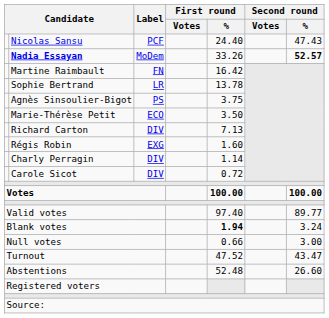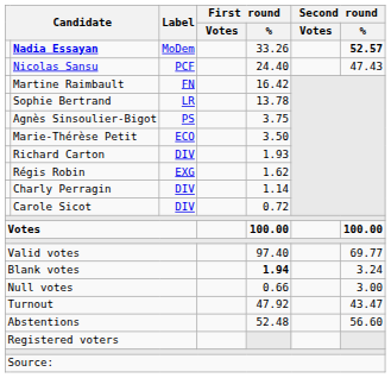 <table class="wikitable" style="text-align:right;font-size:95%;">
 <tr>
 <th rowspan="2" colspan="2">Candidate</th>
 <th rowspan="2">Label</th>
 <th colspan="2">First round</th>
 <th colspan="2">Second round</th>
 </tr>
 <tr>
 <th style="width:50px;">Votes</th>
 <th style="width:45px;">%</th>
 <th style="width:50px;">Votes</th>
 <th style="width:45px;">%</th>
 </tr>
 <tr>
 <td style="color:inherit;background:"></td>
+<td style="text-align:left;"><strong><a href='#'>Nadia Essayan</a></strong></td>
+<td><a href='#'>MoDem</a></td>
+<td></td>
+<td>33.26</td>
+<td><strong></strong></td>
+<td><strong>52.57</strong></td>
+</tr>
+<tr>
+<td style="color:inherit;background:"></td>
 <td style="text-align:left;"><a href='#'>Nicolas Sansu</a></td>
 <td><a href='#'>PCF</a></td>
 <td></td>
 <td>24.40</td>
 <td></td>
 <td>47.43</td>
-</tr>
-<tr>
-<td style="color:inherit;background:"></td>
-<td style="text-align:left;"><strong><a href='#'>Nadia Essayan</a></strong></td>
-<td><a href='#'>MoDem</a></td>
-<td></td>
-<td>33.26</td>
-<td><strong></strong></td>
-<td><strong>52.57</strong></td>
 </tr>
 <tr>
 <td style="color:inherit;background:"></td>
 <td style="text-align:left;">Martine Raimbault</td>
 <td><a href='#'>FN</a></td>
 <td></td>
 <td>16.42</td>
 <td colspan="2" rowspan="8" style="background:#E9E9E9;"></td>
 </tr>
 <tr>
 <td style="color:inherit;background:"></td>
 <td style="text-align:left;">Sophie Bertrand</td>
 <td><a href='#'>LR</a></td>
 <td></td>
 <td>13.78</td>
 </tr>
 <tr>
 <td style="color:inherit;background:"></td>
 <td style="text-align:left;">Agnès Sinsoulier-Bigot</td>
 <td><a href='#'>PS</a></td>
 <td></td>
 <td>3.75</td>
 </tr>
 <tr>
 <td style="color:inherit;background:"></td>
 <td style="text-align:left;">Marie-Thérèse Petit</td>
 <td><a href='#'>ECO</a></td>
 <td></td>
 <td>3.50</td>
 </tr>
 <tr>
 <td style="color:inherit;background:"></td>
 <td style="text-align:left;">Richard Carton</td>
 <td><a href='#'>DIV</a></td>
 <td></td>
-<td>7.13</td>
+<td>1.93</td>
 </tr>
 <tr>
 <td style="color:inherit;background:"></td>
 <td style="text-align:left;">Régis Robin</td>
 <td><a href='#'>EXG</a></td>
 <td></td>
-<td>1.60</td>
+<td>1.62</td>
 </tr>
 <tr>
 <td style="color:inherit;background:"></td>
 <td style="text-align:left;">Charly Perragin</td>
 <td><a href='#'>DIV</a></td>
 <td></td>
 <td>1.14</td>
 </tr>
 <tr>
 <td style="color:inherit;background:"></td>
 <td style="text-align:left;">Carole Sicot</td>
 <td><a href='#'>DIV</a></td>
 <td></td>
 <td>0.72</td>
 </tr>
 <tr>
 <td colspan="7" style="background:#E9E9E9;"></td>
 </tr>
 <tr style="font-weight:bold;">
 <td colspan="3" style="text-align:left;">Votes</td>
 <td></td>
 <td>100.00</td>
 <td></td>
 <td>100.00</td>
 </tr>
 <tr>
 <td colspan="7" style="background:#E9E9E9;"></td>
 </tr>
 <tr>
 <td colspan="3" style="text-align:left;">Valid votes</td>
 <td></td>
 <td>97.40</td>
 <td></td>
-<td>89.77</td>
+<td>69.77</td>
 </tr>
 <tr>
 <td colspan="3" style="text-align:left;">Blank votes</td>
 <td></td>
 <td><strong>1.94</strong></td>
 <td></td>
 <td>3.24</td>
 </tr>
 <tr>
 <td colspan="3" style="text-align:left;">Null votes</td>
 <td></td>
 <td>0.66</td>
 <td></td>
 <td>3.00</td>
 </tr>
 <tr>
 <td colspan="3" style="text-align:left;">Turnout</td>
 <td></td>
-<td>47.52</td>
+<td>47.92</td>
 <td></td>
 <td>43.47</td>
 </tr>
 <tr>
 <td colspan="3" style="text-align:left;">Abstentions</td>
 <td></td>
 <td>52.48</td>
 <td></td>
-<td>26.60</td>
+<td>56.60</td>
 </tr>
 <tr>
 <td colspan="3" style="text-align:left;">Registered voters</td>
 <td></td>
 <td style="color:inherit;background:#E9E9E9;"></td>
 <td></td>
 <td style="color:inherit;background:#E9E9E9;"></td>
 </tr>
 <tr>
 <td colspan="7" style="background:#E9E9E9;"></td>
 </tr>
 <tr>
 <td colspan="7" style="text-align:left;">Source: </td>
 </tr>
 </table>
